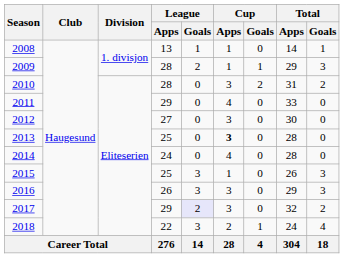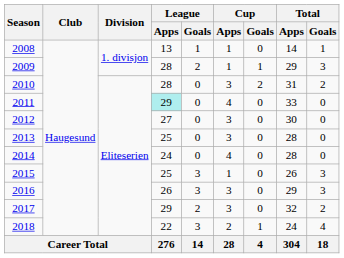 <table class="wikitable" style="text-align: center;">
 <tr>
 <th rowspan="2">Season</th>
 <th rowspan="2">Club</th>
 <th rowspan="2">Division</th>
 <th colspan="2">League</th>
 <th colspan="2">Cup</th>
 <th colspan="2">Total</th>
 </tr>
 <tr>
 <th>Apps</th>
 <th>Goals</th>
 <th>Apps</th>
 <th>Goals</th>
 <th>Apps</th>
 <th>Goals</th>
 </tr>
 <tr>
 <td><a href='#'>2008</a></td>
 <td rowspan="11" valign="center"><a href='#'>Haugesund</a></td>
 <td rowspan="2" valign="center"><a href='#'>1. divisjon</a></td>
 <td>13</td>
 <td>1</td>
 <td>1</td>
 <td>0</td>
 <td>14</td>
 <td>1</td>
 </tr>
 <tr>
 <td><a href='#'>2009</a></td>
 <td>28</td>
 <td>2</td>
 <td>1</td>
 <td>1</td>
 <td>29</td>
 <td>3</td>
 </tr>
 <tr>
 <td><a href='#'>2010</a></td>
 <td rowspan="9" valign="center"><a href='#'>Eliteserien</a></td>
 <td>28</td>
 <td>0</td>
 <td>3</td>
 <td>2</td>
 <td>31</td>
 <td>2</td>
 </tr>
 <tr>
 <td><a href='#'>2011</a></td>
-<td>29</td>
+<td style="background: paleturquoise;">29</td>
 <td>0</td>
 <td>4</td>
 <td>0</td>
 <td>33</td>
 <td>0</td>
 </tr>
 <tr>
 <td><a href='#'>2012</a></td>
 <td>27</td>
 <td>0</td>
 <td>3</td>
 <td>0</td>
 <td>30</td>
 <td>0</td>
 </tr>
 <tr>
 <td><a href='#'>2013</a></td>
 <td>25</td>
 <td>0</td>
-<td><strong>3</strong></td>
+<td>3</td>
 <td>0</td>
 <td>28</td>
 <td>0</td>
 </tr>
 <tr>
 <td><a href='#'>2014</a></td>
 <td>24</td>
 <td>0</td>
 <td>4</td>
 <td>0</td>
 <td>28</td>
 <td>0</td>
 </tr>
 <tr>
 <td><a href='#'>2015</a></td>
 <td>25</td>
 <td>3</td>
 <td>1</td>
 <td>0</td>
 <td>26</td>
 <td>3</td>
 </tr>
 <tr>
 <td><a href='#'>2016</a></td>
 <td>26</td>
 <td>3</td>
 <td>3</td>
 <td>0</td>
 <td>29</td>
 <td>3</td>
 </tr>
 <tr>
 <td><a href='#'>2017</a></td>
 <td>29</td>
-<td style="background: lavender;">2</td>
+<td>2</td>
 <td>3</td>
 <td>0</td>
 <td>32</td>
 <td>2</td>
 </tr>
 <tr>
 <td><a href='#'>2018</a></td>
 <td>22</td>
 <td>3</td>
 <td>2</td>
 <td>1</td>
 <td>24</td>
 <td>4</td>
 </tr>
 <tr>
 <th colspan="3">Career Total</th>
 <th>276</th>
 <th>14</th>
 <th>28</th>
 <th>4</th>
 <th>304</th>
 <th>18</th>
 </tr>
 </table>
